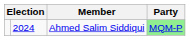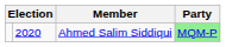 <table class="wikitable">
 <tr>
 <th colspan="2">Election</th>
 <th>Member</th>
 <th>Party</th>
 </tr>
 <tr>
 <td style="background-color: "></td>
-<td><a href='#'>2024</a></td>
+<td><a href='#'>2020</a></td>
 <td><a href='#'>Ahmed Salim Siddiqui</a></td>
 <td style="background: lightgreen;"><a href='#'>MQM-P</a></td>
 </tr>
 </table>
